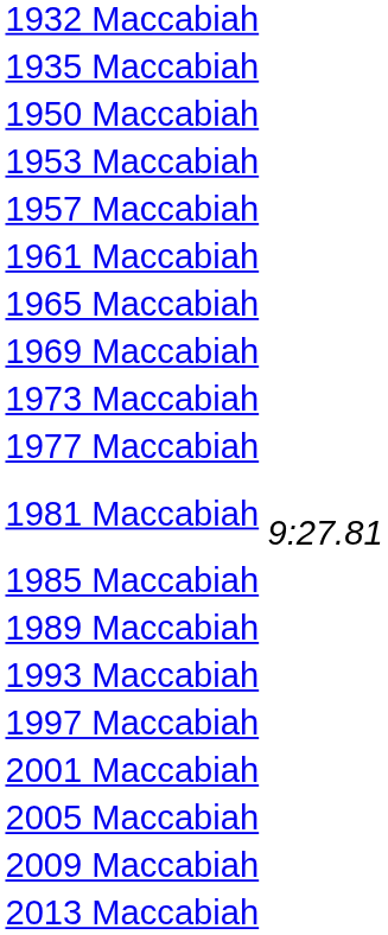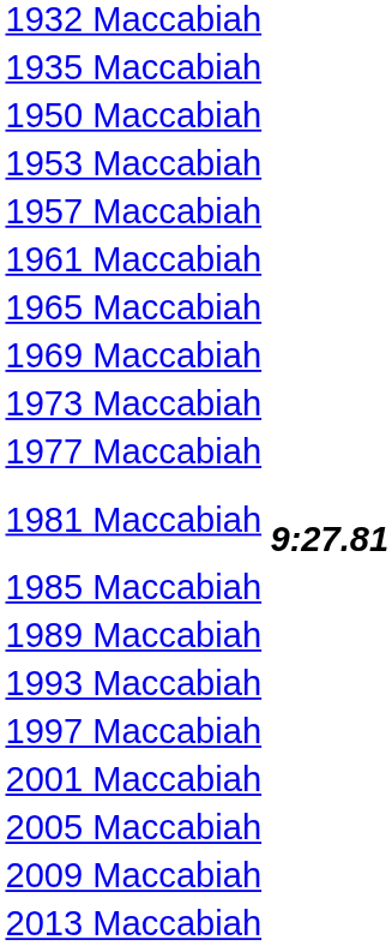 <table>
 <tr valign="top">
 <td><a href='#'>1932 Maccabiah</a></td>
 <td></td>
 <td></td>
 <td></td>
 </tr>
 <tr>
 <td><a href='#'>1935 Maccabiah</a></td>
 <td></td>
 <td></td>
 <td></td>
 </tr>
 <tr>
 <td><a href='#'>1950 Maccabiah</a></td>
 <td></td>
 <td></td>
 <td></td>
 </tr>
 <tr>
 <td><a href='#'>1953 Maccabiah</a></td>
 <td></td>
 <td></td>
 <td></td>
 </tr>
 <tr>
 <td><a href='#'>1957 Maccabiah</a></td>
 <td></td>
 <td></td>
 <td></td>
 </tr>
 <tr>
 <td><a href='#'>1961 Maccabiah</a></td>
 <td></td>
 <td></td>
 <td></td>
 </tr>
 <tr>
 <td><a href='#'>1965 Maccabiah</a></td>
 <td></td>
 <td></td>
 <td></td>
 </tr>
 <tr>
 <td><a href='#'>1969 Maccabiah</a></td>
 <td></td>
 <td></td>
 <td></td>
 </tr>
 <tr>
 <td><a href='#'>1973 Maccabiah</a></td>
 <td></td>
 <td></td>
 <td></td>
 </tr>
 <tr>
 <td><a href='#'>1977 Maccabiah</a></td>
 <td></td>
 <td></td>
 <td></td>
 </tr>
 <tr>
 <td><a href='#'>1981 Maccabiah</a></td>
-<td><br><em>9:27.81 </em></td>
+<td><strong><br><em>9:27.81 </em></strong></td>
 <td></td>
 <td></td>
 </tr>
 <tr>
 <td><a href='#'>1985 Maccabiah</a></td>
 <td></td>
 <td></td>
 <td></td>
 </tr>
 <tr>
 <td><a href='#'>1989 Maccabiah</a></td>
 <td></td>
 <td></td>
 <td></td>
 </tr>
 <tr>
 <td><a href='#'>1993 Maccabiah</a></td>
 <td></td>
 <td></td>
 <td></td>
 </tr>
 <tr>
 <td><a href='#'>1997 Maccabiah</a></td>
 <td></td>
 <td></td>
 <td></td>
 </tr>
 <tr>
 <td><a href='#'>2001 Maccabiah</a></td>
 <td></td>
 <td></td>
 <td></td>
 </tr>
 <tr>
 <td><a href='#'>2005 Maccabiah</a></td>
 <td></td>
 <td></td>
 <td></td>
 </tr>
 <tr>
 <td><a href='#'>2009 Maccabiah</a></td>
 <td></td>
 <td></td>
 <td></td>
 </tr>
 <tr>
 <td><a href='#'>2013 Maccabiah</a></td>
 <td></td>
 <td></td>
 <td></td>
 </tr>
 </table>
